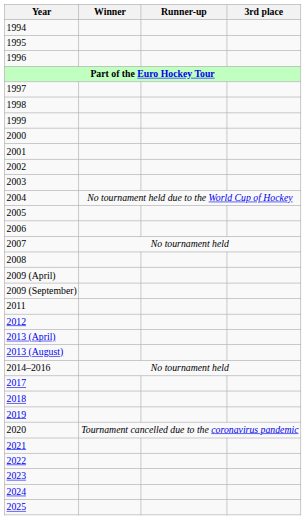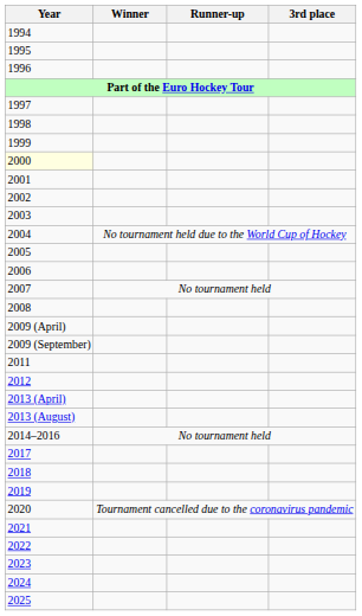 <table class="wikitable">
 <tr>
 <th>Year</th>
 <th>Winner</th>
 <th>Runner-up</th>
 <th>3rd place</th>
 </tr>
 <tr>
 <td>1994</td>
 <td></td>
 <td></td>
 <td></td>
 </tr>
 <tr>
 <td>1995</td>
 <td></td>
 <td></td>
 <td></td>
 </tr>
 <tr>
 <td>1996</td>
 <td></td>
 <td></td>
 <td></td>
 </tr>
 <tr>
 <th colspan=4 style="text-align: center; background-color: #c0ffc0">Part of the <a href='#'>Euro Hockey Tour</a></th>
 </tr>
 <tr>
 <td>1997</td>
 <td></td>
 <td></td>
 <td></td>
 </tr>
 <tr>
 <td>1998</td>
 <td></td>
 <td></td>
 <td></td>
 </tr>
 <tr>
 <td>1999</td>
 <td></td>
 <td></td>
 <td></td>
 </tr>
 <tr>
-<td>2000</td>
+<td style="background: lightyellow;">2000</td>
 <td></td>
 <td></td>
 <td></td>
 </tr>
 <tr>
 <td>2001</td>
 <td></td>
 <td></td>
 <td></td>
 </tr>
 <tr>
 <td>2002</td>
 <td></td>
 <td></td>
 <td></td>
 </tr>
 <tr>
 <td>2003</td>
 <td></td>
 <td></td>
 <td></td>
 </tr>
 <tr>
 <td>2004</td>
 <td colspan="3" style="text-align: center;"><em>No tournament held due to the <a href='#'>World Cup of Hockey</a></em></td>
 </tr>
 <tr>
 <td>2005</td>
 <td></td>
 <td></td>
 <td></td>
 </tr>
 <tr>
 <td>2006</td>
 <td></td>
 <td></td>
 <td></td>
 </tr>
 <tr>
 <td>2007</td>
 <td colspan="3" style="text-align: center;"><em>No tournament held</em></td>
 </tr>
 <tr>
 <td>2008</td>
 <td></td>
 <td></td>
 <td></td>
 </tr>
 <tr>
 <td>2009 (April)</td>
 <td></td>
 <td></td>
 <td></td>
 </tr>
 <tr>
 <td>2009 (September)</td>
 <td></td>
 <td></td>
 <td></td>
 </tr>
 <tr>
 <td>2011</td>
 <td></td>
 <td></td>
 <td></td>
 </tr>
 <tr>
 <td><a href='#'>2012</a></td>
 <td></td>
 <td></td>
 <td></td>
 </tr>
 <tr>
 <td><a href='#'>2013 (April)</a></td>
 <td></td>
 <td></td>
 <td></td>
 </tr>
 <tr>
 <td><a href='#'>2013 (August)</a></td>
 <td></td>
 <td></td>
 <td></td>
 </tr>
 <tr>
 <td>2014–2016</td>
 <td colspan="3" style="text-align: center;"><em>No tournament held</em></td>
 </tr>
 <tr>
 <td><a href='#'>2017</a></td>
 <td></td>
 <td></td>
 <td></td>
 </tr>
 <tr>
 <td><a href='#'>2018</a></td>
 <td></td>
 <td></td>
 <td></td>
 </tr>
 <tr>
 <td><a href='#'>2019</a></td>
 <td></td>
 <td></td>
 <td></td>
 </tr>
 <tr>
 <td>2020</td>
 <td colspan="3" style="text-align: center;"><em>Tournament cancelled due to the <a href='#'>coronavirus pandemic</a></em></td>
 </tr>
 <tr>
 <td><a href='#'>2021</a></td>
 <td></td>
 <td></td>
 <td></td>
 </tr>
 <tr>
 <td><a href='#'>2022</a></td>
 <td></td>
 <td></td>
 <td></td>
 </tr>
 <tr>
 <td><a href='#'>2023</a></td>
 <td></td>
 <td></td>
 <td></td>
 </tr>
 <tr>
 <td><a href='#'>2024</a></td>
 <td></td>
 <td></td>
 <td></td>
 </tr>
 <tr>
 <td><a href='#'>2025</a></td>
 <td></td>
 <td></td>
 <td></td>
 </tr>
 </table>
